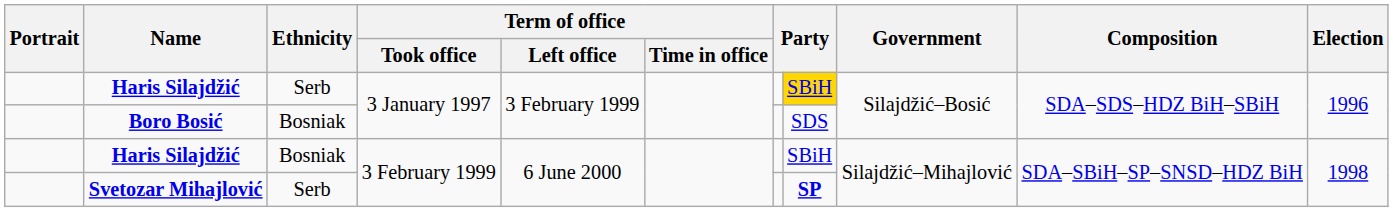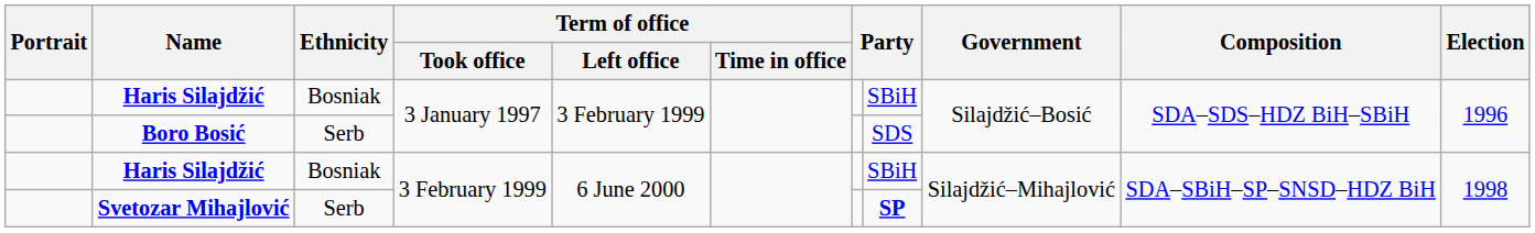 <table class="wikitable sortable" style="text-align: center;font-size:90%; border:1px #AAAAFF solid">
 <tr>
 <th rowspan=2>Portrait</th>
 <th rowspan=2>Name<br></th>
 <th rowspan=2>Ethnicity</th>
 <th colspan=3>Term of office</th>
 <th rowspan=2 colspan=2>Party</th>
 <th rowspan=2>Government</th>
 <th rowspan=2>Composition</th>
 <th rowspan=2>Election</th>
 </tr>
 <tr>
 <th>Took office</th>
 <th>Left office</th>
 <th>Time in office</th>
 </tr>
 <tr>
 <td></td>
 <td><strong><a href='#'>Haris Silajdžić</a></strong><br></td>
-<td>Serb</td>
+<td>Bosniak</td>
 <td rowspan=2>3 January 1997</td>
 <td rowspan=2>3 February 1999</td>
 <td rowspan=2></td>
 <td style="background:"></td>
-<td style="background: gold;"><a href='#'>SBiH</a></td>
+<td><a href='#'>SBiH</a></td>
 <td rowspan=2>Silajdžić–Bosić</td>
 <td rowspan=2><a href='#'>SDA</a>–<a href='#'>SDS</a>–<a href='#'>HDZ BiH</a>–<a href='#'>SBiH</a></td>
 <td rowspan=2><a href='#'>1996</a></td>
 </tr>
 <tr>
 <td></td>
 <td><strong><a href='#'>Boro Bosić</a></strong><br></td>
-<td>Bosniak</td>
+<td>Serb</td>
 <td style="background:"></td>
 <td><a href='#'>SDS</a></td>
 </tr>
 <tr>
 <td></td>
 <td><strong><a href='#'>Haris Silajdžić</a></strong><br></td>
 <td>Bosniak</td>
 <td rowspan=2>3 February 1999</td>
 <td rowspan=2>6 June 2000</td>
 <td rowspan=2></td>
 <td style="background:"></td>
 <td><a href='#'>SBiH</a></td>
 <td rowspan=2>Silajdžić–Mihajlović</td>
 <td rowspan=2><a href='#'>SDA</a>–<a href='#'>SBiH</a>–<a href='#'>SP</a>–<a href='#'>SNSD</a>–<a href='#'>HDZ BiH</a></td>
 <td rowspan=2><a href='#'>1998</a></td>
 </tr>
 <tr>
 <td></td>
 <td><strong><a href='#'>Svetozar Mihajlović</a></strong><br></td>
 <td>Serb</td>
 <td style="background:"></td>
 <td><strong><a href='#'>SP</a></strong></td>
 </tr>
 </table>
